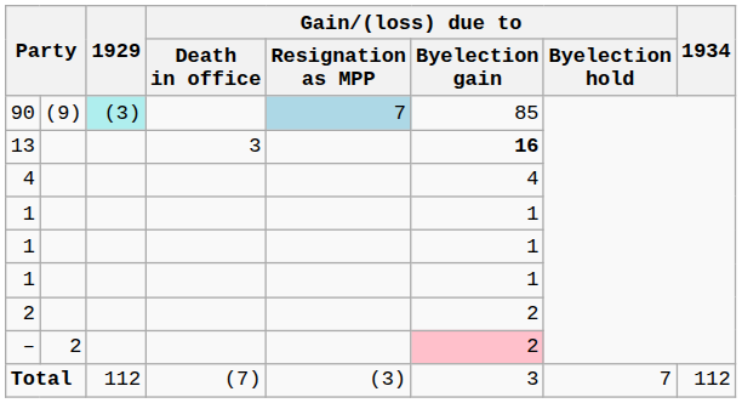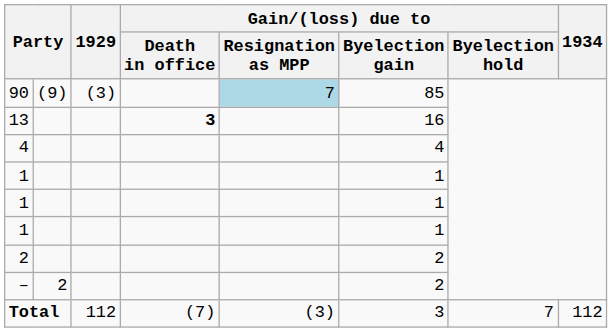 <table class="wikitable" style="text-align:right">
 <tr>
 <th rowspan="2" colspan="2">Party</th>
 <th rowspan="2">1929</th>
 <th colspan="4">Gain/(loss) due to</th>
 <th rowspan="2">1934</th>
 </tr>
 <tr>
 <th>Death<br>in office</th>
 <th>Resignation<br>as MPP</th>
 <th>Byelection<br>gain</th>
 <th>Byelection<br>hold</th>
 </tr>
 <tr>
 <td>90</td>
 <td>(9)</td>
-<td style="background: paleturquoise;">(3)</td>
+<td>(3)</td>
 <td></td>
 <td style="background: lightblue;">7</td>
 <td>85</td>
 </tr>
 <tr>
 <td>13</td>
 <td></td>
 <td></td>
-<td>3</td>
+<td><strong>3</strong></td>
 <td></td>
-<td><strong>16</strong></td>
+<td>16</td>
 </tr>
 <tr>
 <td>4</td>
 <td></td>
 <td></td>
 <td></td>
 <td></td>
 <td>4</td>
 </tr>
 <tr>
 <td>1</td>
 <td></td>
 <td></td>
 <td></td>
 <td></td>
 <td>1</td>
 </tr>
 <tr>
 <td>1</td>
 <td></td>
 <td></td>
 <td></td>
 <td></td>
 <td>1</td>
 </tr>
 <tr>
 <td>1</td>
 <td></td>
 <td></td>
 <td></td>
 <td></td>
 <td>1</td>
 </tr>
 <tr>
 <td>2</td>
 <td></td>
 <td></td>
 <td></td>
 <td></td>
 <td>2</td>
 </tr>
 <tr>
 <td>–</td>
 <td>2</td>
 <td></td>
 <td></td>
 <td></td>
-<td style="background: pink;">2</td>
+<td>2</td>
 </tr>
 <tr>
 <td colspan="2" style="text-align:left;"><strong>Total</strong></td>
 <td>112</td>
 <td>(7)</td>
 <td>(3)</td>
 <td>3</td>
 <td>7</td>
 <td>112</td>
 </tr>
 </table>
